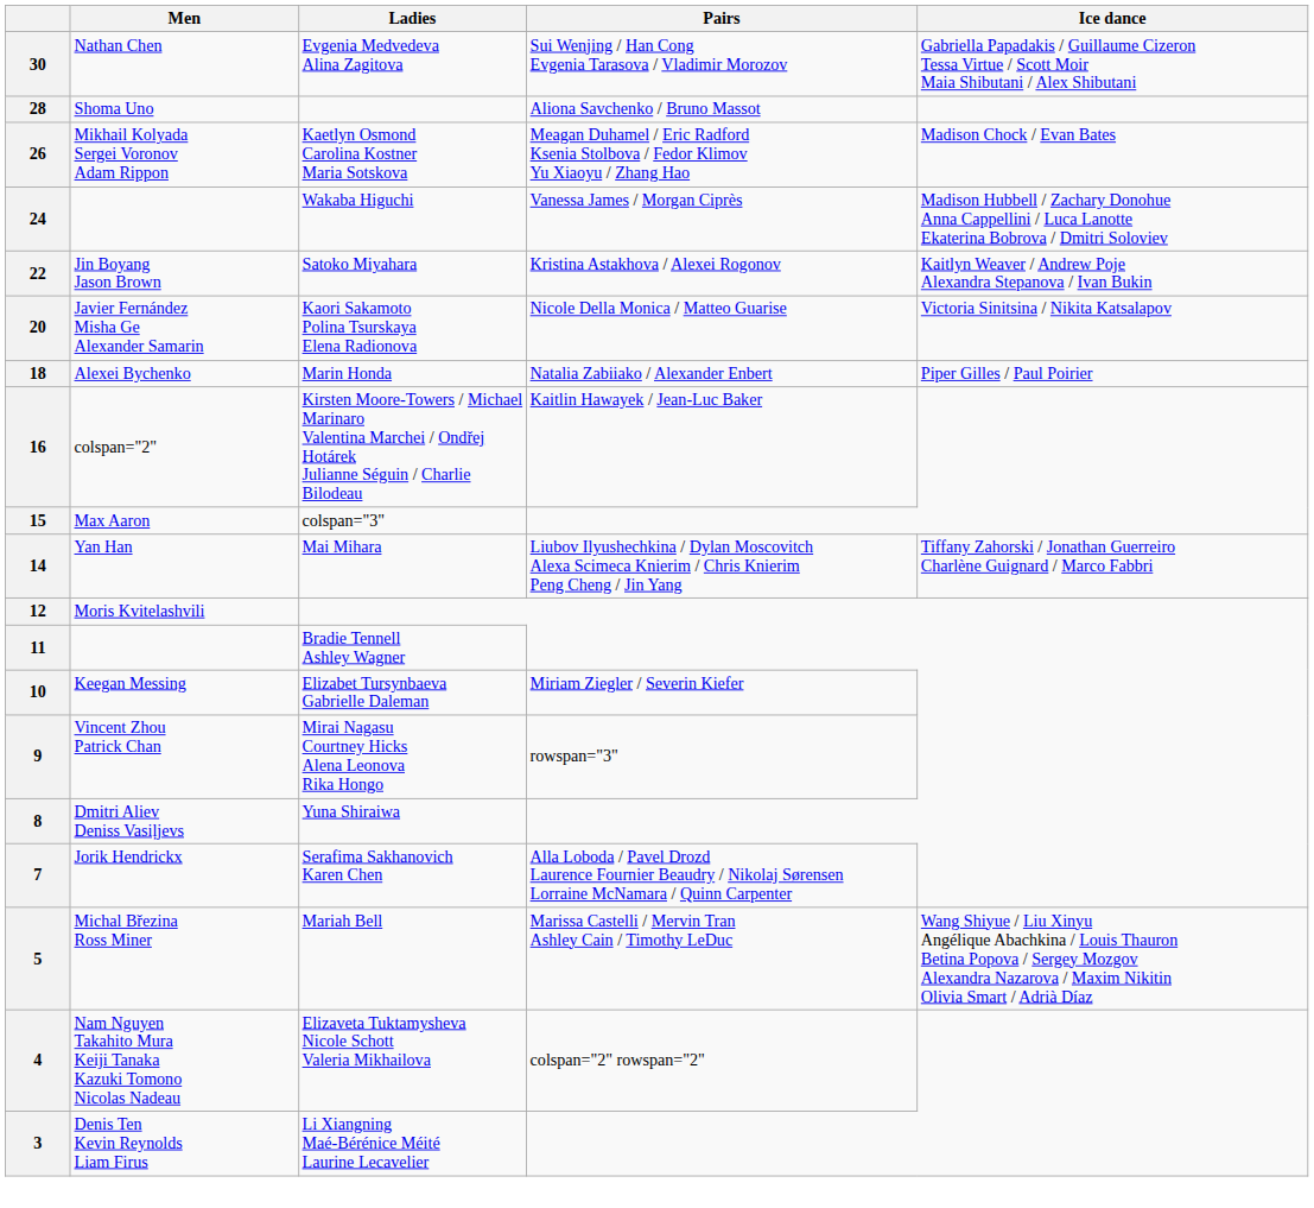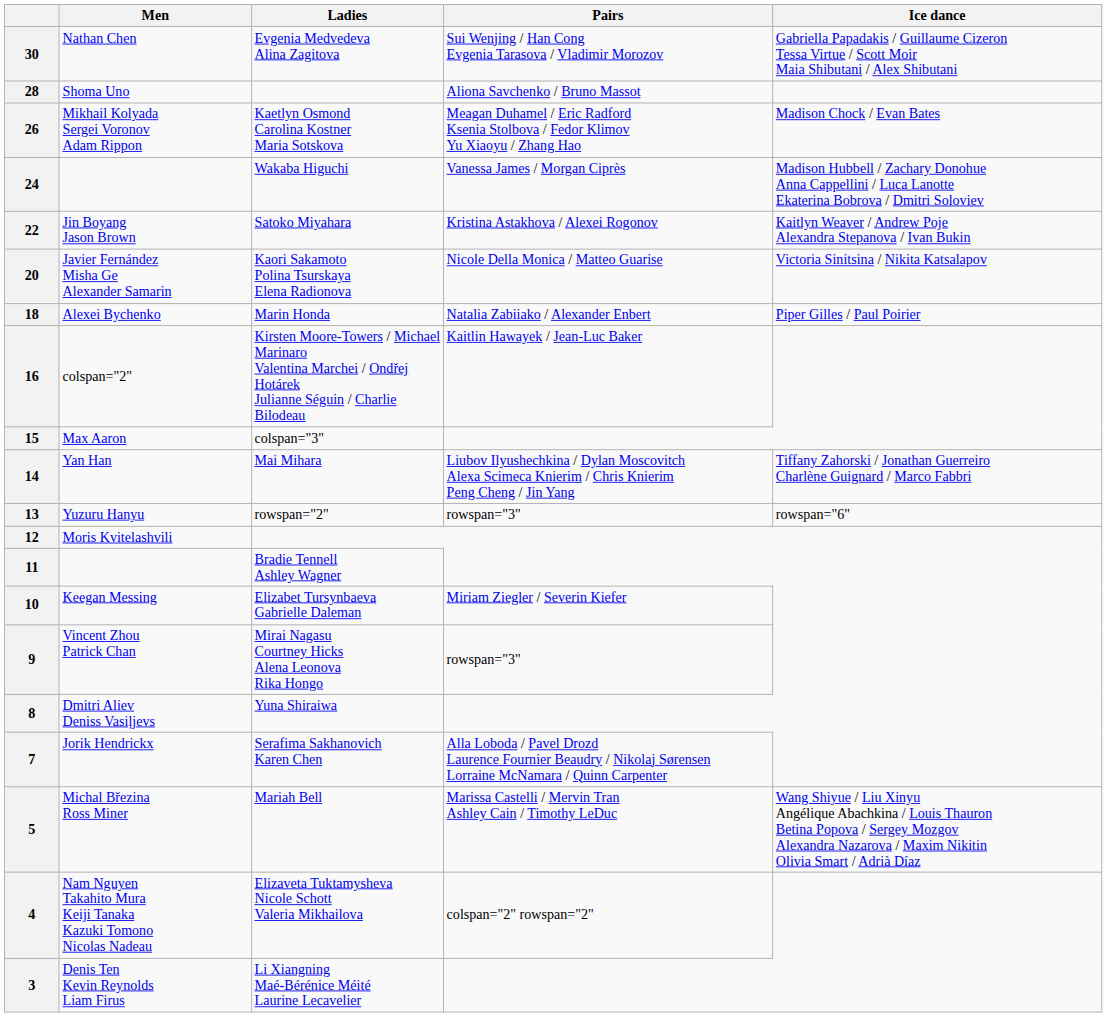 <table class="wikitable">
 <tr>
 <th scope="col" style="width:5%"></th>
 <th scope="col" style="width:17.5%">Men</th>
 <th scope="col" style="width:17.5%">Ladies</th>
 <th scope="col" style="width:30%">Pairs</th>
 <th scope="col" style="width:30%">Ice dance</th>
 </tr>
 <tr>
 <th scope="row">30</th>
 <td valign="top"> <a href='#'>Nathan Chen</a></td>
 <td valign="top"> <a href='#'>Evgenia Medvedeva</a><br> <a href='#'>Alina Zagitova</a></td>
 <td valign="top"> <a href='#'>Sui Wenjing</a> / <a href='#'>Han Cong</a><br> <a href='#'>Evgenia Tarasova</a> / <a href='#'>Vladimir Morozov</a></td>
 <td valign="top"> <a href='#'>Gabriella Papadakis</a> / <a href='#'>Guillaume Cizeron</a><br> <a href='#'>Tessa Virtue</a> / <a href='#'>Scott Moir</a><br> <a href='#'>Maia Shibutani</a> / <a href='#'>Alex Shibutani</a></td>
 </tr>
 <tr>
 <th scope="row">28</th>
 <td valign="top"> <a href='#'>Shoma Uno</a></td>
 <td></td>
 <td valign="top"> <a href='#'>Aliona Savchenko</a> / <a href='#'>Bruno Massot</a></td>
 <td></td>
 </tr>
 <tr>
 <th scope="row">26</th>
 <td valign="top"> <a href='#'>Mikhail Kolyada</a><br> <a href='#'>Sergei Voronov</a><br> <a href='#'>Adam Rippon</a></td>
 <td valign="top"> <a href='#'>Kaetlyn Osmond</a><br> <a href='#'>Carolina Kostner</a><br> <a href='#'>Maria Sotskova</a></td>
 <td valign="top"> <a href='#'>Meagan Duhamel</a> / <a href='#'>Eric Radford</a><br> <a href='#'>Ksenia Stolbova</a> / <a href='#'>Fedor Klimov</a><br> <a href='#'>Yu Xiaoyu</a> / <a href='#'>Zhang Hao</a></td>
 <td valign="top"> <a href='#'>Madison Chock</a> / <a href='#'>Evan Bates</a></td>
 </tr>
 <tr>
 <th scope="row">24</th>
 <td></td>
 <td valign="top"> <a href='#'>Wakaba Higuchi</a></td>
 <td valign="top"> <a href='#'>Vanessa James</a> / <a href='#'>Morgan Ciprès</a></td>
 <td valign="top"> <a href='#'>Madison Hubbell</a> / <a href='#'>Zachary Donohue</a><br> <a href='#'>Anna Cappellini</a> / <a href='#'>Luca Lanotte</a><br> <a href='#'>Ekaterina Bobrova</a> / <a href='#'>Dmitri Soloviev</a></td>
 </tr>
 <tr>
 <th scope="row">22</th>
 <td valign="top"> <a href='#'>Jin Boyang</a><br> <a href='#'>Jason Brown</a></td>
 <td valign="top"> <a href='#'>Satoko Miyahara</a></td>
 <td valign="top"> <a href='#'>Kristina Astakhova</a> / <a href='#'>Alexei Rogonov</a></td>
 <td valign="top"> <a href='#'>Kaitlyn Weaver</a> / <a href='#'>Andrew Poje</a><br> <a href='#'>Alexandra Stepanova</a> / <a href='#'>Ivan Bukin</a></td>
 </tr>
 <tr>
 <th scope="row">20</th>
 <td valign="top"> <a href='#'>Javier Fernández</a><br> <a href='#'>Misha Ge</a> <br>  <a href='#'>Alexander Samarin</a></td>
 <td valign="top"> <a href='#'>Kaori Sakamoto</a><br> <a href='#'>Polina Tsurskaya</a><br> <a href='#'>Elena Radionova</a></td>
 <td valign="top"> <a href='#'>Nicole Della Monica</a> / <a href='#'>Matteo Guarise</a></td>
 <td valign="top"> <a href='#'>Victoria Sinitsina</a> / <a href='#'>Nikita Katsalapov</a></td>
 </tr>
 <tr>
 <th scope="row">18</th>
 <td valign="top"> <a href='#'>Alexei Bychenko</a></td>
 <td valign="top"> <a href='#'>Marin Honda</a></td>
 <td valign="top"> <a href='#'>Natalia Zabiiako</a> / <a href='#'>Alexander Enbert</a></td>
 <td valign="top"> <a href='#'>Piper Gilles</a> / <a href='#'>Paul Poirier</a></td>
 </tr>
 <tr>
 <th scope="row">16</th>
 <td>colspan="2" </td>
 <td valign="top"> <a href='#'>Kirsten Moore-Towers</a> / <a href='#'>Michael Marinaro</a><br> <a href='#'>Valentina Marchei</a> / <a href='#'>Ondřej Hotárek</a><br> <a href='#'>Julianne Séguin</a> / <a href='#'>Charlie Bilodeau</a></td>
 <td valign="top"> <a href='#'>Kaitlin Hawayek</a> / <a href='#'>Jean-Luc Baker</a></td>
 </tr>
 <tr>
 <th scope="row">15</th>
 <td valign="top"> <a href='#'>Max Aaron</a></td>
 <td>colspan="3" </td>
 </tr>
 <tr>
 <th scope="row">14</th>
 <td valign="top"> <a href='#'>Yan Han</a></td>
 <td valign="top"> <a href='#'>Mai Mihara</a></td>
 <td valign="top"> <a href='#'>Liubov Ilyushechkina</a> / <a href='#'>Dylan Moscovitch</a><br> <a href='#'>Alexa Scimeca Knierim</a> / <a href='#'>Chris Knierim</a><br> <a href='#'>Peng Cheng</a> / <a href='#'>Jin Yang</a></td>
 <td valign="top"> <a href='#'>Tiffany Zahorski</a> / <a href='#'>Jonathan Guerreiro</a><br> <a href='#'>Charlène Guignard</a> / <a href='#'>Marco Fabbri</a></td>
 </tr>
 <tr>
+<th scope="row">13</th>
+<td valign="top"> <a href='#'>Yuzuru Hanyu</a></td>
+<td>rowspan="2" </td>
+<td>rowspan="3" </td>
+<td>rowspan="6" </td>
+</tr>
+<tr>
 <th scope="row">12</th>
 <td valign="top"> <a href='#'>Moris Kvitelashvili</a></td>
 </tr>
 <tr>
 <th scope="row">11</th>
 <td></td>
 <td valign="top"> <a href='#'>Bradie Tennell</a><br> <a href='#'>Ashley Wagner</a></td>
 </tr>
 <tr>
 <th scope="row">10</th>
 <td valign="top"> <a href='#'>Keegan Messing</a></td>
 <td valign="top"> <a href='#'>Elizabet Tursynbaeva</a><br> <a href='#'>Gabrielle Daleman</a></td>
 <td valign="top"> <a href='#'>Miriam Ziegler</a> / <a href='#'>Severin Kiefer</a></td>
 </tr>
 <tr>
 <th scope="row">9</th>
 <td valign="top"> <a href='#'>Vincent Zhou</a><br> <a href='#'>Patrick Chan</a></td>
 <td valign="top"> <a href='#'>Mirai Nagasu</a><br> <a href='#'>Courtney Hicks</a><br> <a href='#'>Alena Leonova</a><br> <a href='#'>Rika Hongo</a></td>
 <td>rowspan="3" </td>
 </tr>
 <tr>
 <th scope="row">8</th>
 <td valign="top"> <a href='#'>Dmitri Aliev</a><br> <a href='#'>Deniss Vasiļjevs</a></td>
 <td valign="top"> <a href='#'>Yuna Shiraiwa</a></td>
 </tr>
 <tr>
 <th scope="row">7</th>
 <td valign="top"> <a href='#'>Jorik Hendrickx</a></td>
 <td valign="top"> <a href='#'>Serafima Sakhanovich</a><br> <a href='#'>Karen Chen</a></td>
 <td valign="top"> <a href='#'>Alla Loboda</a> / <a href='#'>Pavel Drozd</a><br> <a href='#'>Laurence Fournier Beaudry</a> / <a href='#'>Nikolaj Sørensen</a><br> <a href='#'>Lorraine McNamara</a> / <a href='#'>Quinn Carpenter</a></td>
 </tr>
 <tr>
 <th scope="row">5</th>
 <td valign="top"> <a href='#'>Michal Březina</a><br> <a href='#'>Ross Miner</a></td>
 <td valign="top"> <a href='#'>Mariah Bell</a></td>
 <td valign="top"> <a href='#'>Marissa Castelli</a> / <a href='#'>Mervin Tran</a><br> <a href='#'>Ashley Cain</a> / <a href='#'>Timothy LeDuc</a></td>
 <td valign="top"> <a href='#'>Wang Shiyue</a> / <a href='#'>Liu Xinyu</a><br> Angélique Abachkina / <a href='#'>Louis Thauron</a><br> <a href='#'>Betina Popova</a> / <a href='#'>Sergey Mozgov</a><br> <a href='#'>Alexandra Nazarova</a> / <a href='#'>Maxim Nikitin</a><br> <a href='#'>Olivia Smart</a> / <a href='#'>Adrià Díaz</a></td>
 </tr>
 <tr>
 <th scope="row">4</th>
 <td valign="top"> <a href='#'>Nam Nguyen</a><br> <a href='#'>Takahito Mura</a><br> <a href='#'>Keiji Tanaka</a><br> <a href='#'>Kazuki Tomono</a><br> <a href='#'>Nicolas Nadeau</a></td>
 <td valign="top"> <a href='#'>Elizaveta Tuktamysheva</a><br> <a href='#'>Nicole Schott</a><br> <a href='#'>Valeria Mikhailova</a></td>
 <td>colspan="2" rowspan="2" </td>
 </tr>
 <tr>
 <th scope="row">3</th>
 <td valign="top"> <a href='#'>Denis Ten</a><br> <a href='#'>Kevin Reynolds</a><br> <a href='#'>Liam Firus</a></td>
 <td valign="top"> <a href='#'>Li Xiangning</a><br> <a href='#'>Maé-Bérénice Méité</a><br> <a href='#'>Laurine Lecavelier</a></td>
 </tr>
 </table>
